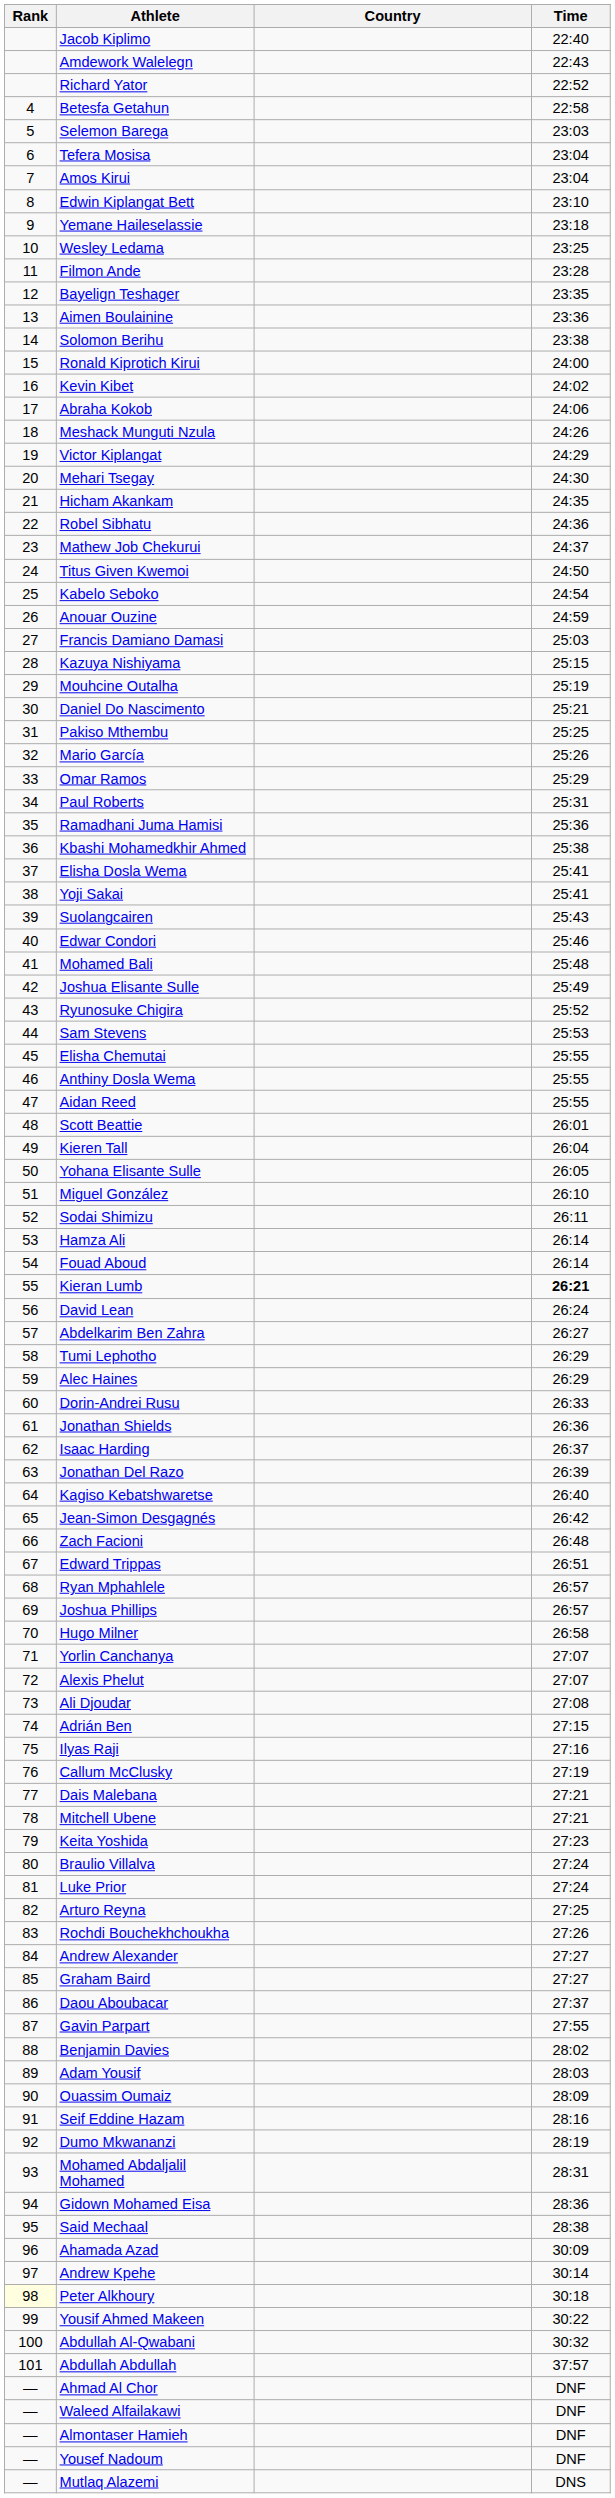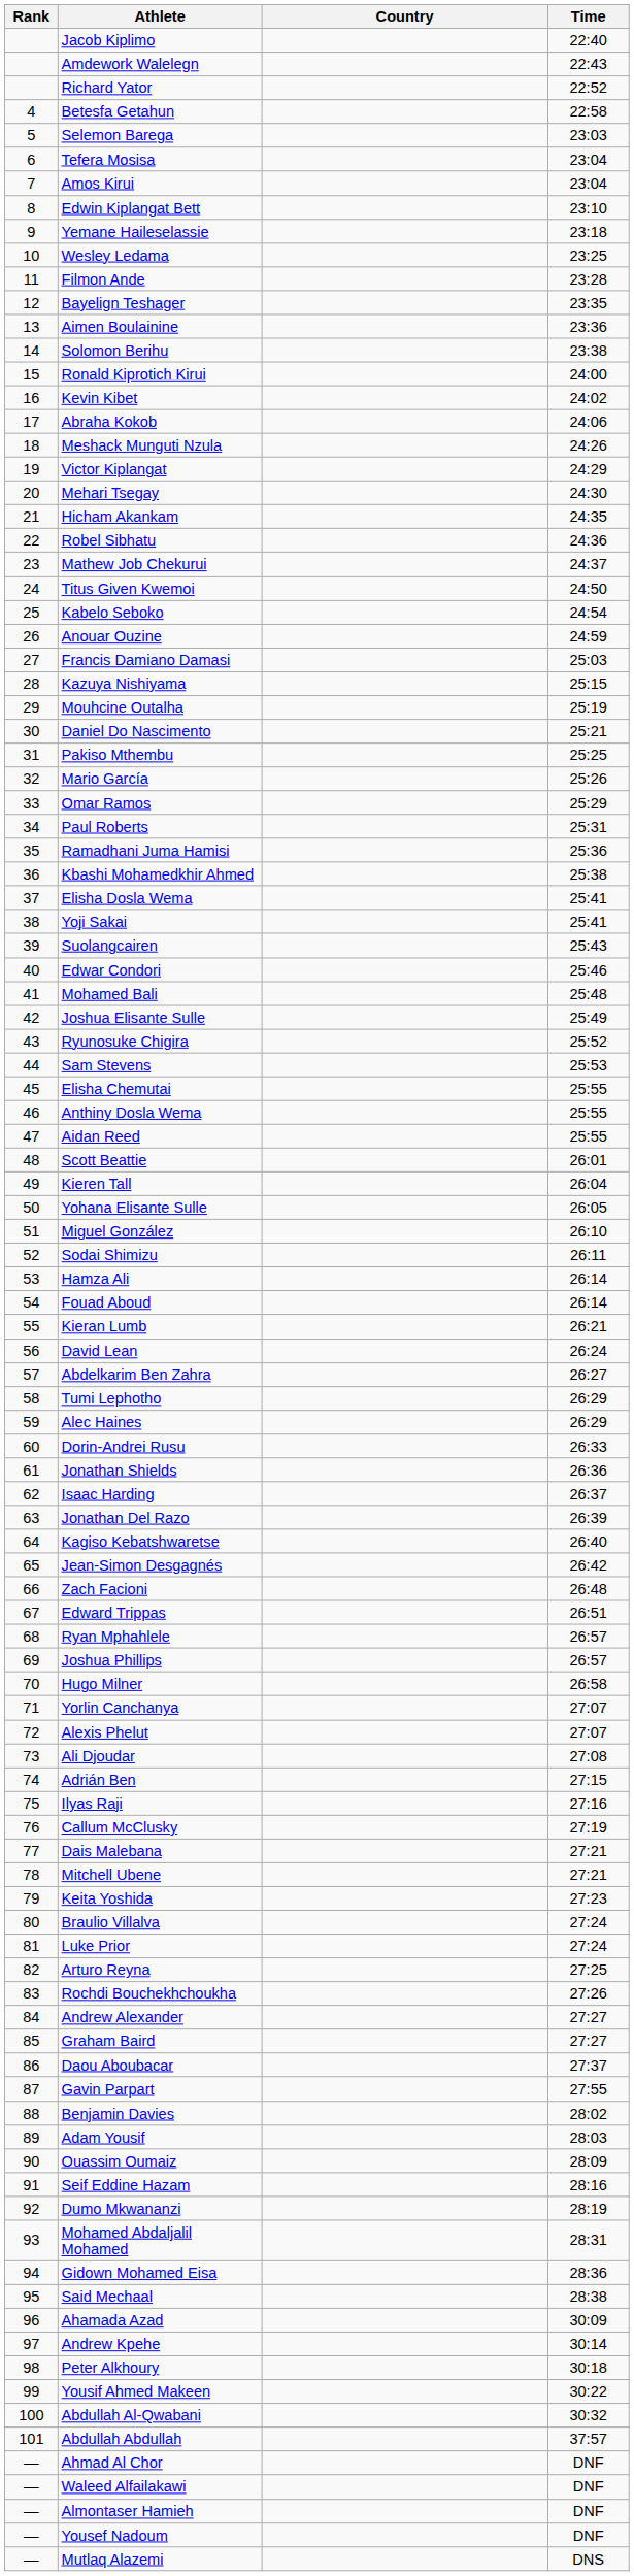 <table class="wikitable sortable" style=" text-align:center; font-size:95%;" width="50%">
 <tr>
 <th width=5%>Rank</th>
 <th width=25%>Athlete</th>
 <th width=35%>Country</th>
 <th width=10%>Time</th>
 </tr>
 <tr>
 <td align=center></td>
 <td align=left><a href='#'>Jacob Kiplimo</a></td>
 <td align=left></td>
 <td>22:40</td>
 </tr>
 <tr>
 <td align=center></td>
 <td align=left><a href='#'>Amdework Walelegn</a></td>
 <td align=left></td>
 <td>22:43</td>
 </tr>
 <tr>
 <td align=center></td>
 <td align=left><a href='#'>Richard Yator</a></td>
 <td align=left></td>
 <td>22:52</td>
 </tr>
 <tr>
 <td align=center>4</td>
 <td align=left><a href='#'>Betesfa Getahun</a></td>
 <td align=left></td>
 <td>22:58</td>
 </tr>
 <tr>
 <td align=center>5</td>
 <td align=left><a href='#'>Selemon Barega</a></td>
 <td align=left></td>
 <td>23:03</td>
 </tr>
 <tr>
 <td align=center>6</td>
 <td align=left><a href='#'>Tefera Mosisa</a></td>
 <td align=left></td>
 <td>23:04</td>
 </tr>
 <tr>
 <td align=center>7</td>
 <td align=left><a href='#'>Amos Kirui</a></td>
 <td align=left></td>
 <td>23:04</td>
 </tr>
 <tr>
 <td align=center>8</td>
 <td align=left><a href='#'>Edwin Kiplangat Bett</a></td>
 <td align=left></td>
 <td>23:10</td>
 </tr>
 <tr>
 <td align=center>9</td>
 <td align=left><a href='#'>Yemane Haileselassie</a></td>
 <td align=left></td>
 <td>23:18</td>
 </tr>
 <tr>
 <td align=center>10</td>
 <td align=left><a href='#'>Wesley Ledama</a></td>
 <td align=left></td>
 <td>23:25</td>
 </tr>
 <tr>
 <td align=center>11</td>
 <td align=left><a href='#'>Filmon Ande</a></td>
 <td align=left></td>
 <td>23:28</td>
 </tr>
 <tr>
 <td align=center>12</td>
 <td align=left><a href='#'>Bayelign Teshager</a></td>
 <td align=left></td>
 <td>23:35</td>
 </tr>
 <tr>
 <td align=center>13</td>
 <td align=left><a href='#'>Aimen Boulainine</a></td>
 <td align=left></td>
 <td>23:36</td>
 </tr>
 <tr>
 <td align=center>14</td>
 <td align=left><a href='#'>Solomon Berihu</a></td>
 <td align=left></td>
 <td>23:38</td>
 </tr>
 <tr>
 <td align=center>15</td>
 <td align=left><a href='#'>Ronald Kiprotich Kirui</a></td>
 <td align=left></td>
 <td>24:00</td>
 </tr>
 <tr>
 <td align=center>16</td>
 <td align=left><a href='#'>Kevin Kibet</a></td>
 <td align=left></td>
 <td>24:02</td>
 </tr>
 <tr>
 <td align=center>17</td>
 <td align=left><a href='#'>Abraha Kokob</a></td>
 <td align=left></td>
 <td>24:06</td>
 </tr>
 <tr>
 <td align=center>18</td>
 <td align=left><a href='#'>Meshack Munguti Nzula</a></td>
 <td align=left></td>
 <td>24:26</td>
 </tr>
 <tr>
 <td align=center>19</td>
 <td align=left><a href='#'>Victor Kiplangat</a></td>
 <td align=left></td>
 <td>24:29</td>
 </tr>
 <tr>
 <td align=center>20</td>
 <td align=left><a href='#'>Mehari Tsegay</a></td>
 <td align=left></td>
 <td>24:30</td>
 </tr>
 <tr>
 <td align=center>21</td>
 <td align=left><a href='#'>Hicham Akankam</a></td>
 <td align=left></td>
 <td>24:35</td>
 </tr>
 <tr>
 <td align=center>22</td>
 <td align=left><a href='#'>Robel Sibhatu</a></td>
 <td align=left></td>
 <td>24:36</td>
 </tr>
 <tr>
 <td align=center>23</td>
 <td align=left><a href='#'>Mathew Job Chekurui</a></td>
 <td align=left></td>
 <td>24:37</td>
 </tr>
 <tr>
 <td align=center>24</td>
 <td align=left><a href='#'>Titus Given Kwemoi</a></td>
 <td align=left></td>
 <td>24:50</td>
 </tr>
 <tr>
 <td align=center>25</td>
 <td align=left><a href='#'>Kabelo Seboko</a></td>
 <td align=left></td>
 <td>24:54</td>
 </tr>
 <tr>
 <td align=center>26</td>
 <td align=left><a href='#'>Anouar Ouzine</a></td>
 <td align=left></td>
 <td>24:59</td>
 </tr>
 <tr>
 <td align=center>27</td>
 <td align=left><a href='#'>Francis Damiano Damasi</a></td>
 <td align=left></td>
 <td>25:03</td>
 </tr>
 <tr>
 <td align=center>28</td>
 <td align=left><a href='#'>Kazuya Nishiyama</a></td>
 <td align=left></td>
 <td>25:15</td>
 </tr>
 <tr>
 <td align=center>29</td>
 <td align=left><a href='#'>Mouhcine Outalha</a></td>
 <td align=left></td>
 <td>25:19</td>
 </tr>
 <tr>
 <td align=center>30</td>
 <td align=left><a href='#'>Daniel Do Nascimento</a></td>
 <td align=left></td>
 <td>25:21</td>
 </tr>
 <tr>
 <td align=center>31</td>
 <td align=left><a href='#'>Pakiso Mthembu</a></td>
 <td align=left></td>
 <td>25:25</td>
 </tr>
 <tr>
 <td align=center>32</td>
 <td align=left><a href='#'>Mario García</a></td>
 <td align=left></td>
 <td>25:26</td>
 </tr>
 <tr>
 <td align=center>33</td>
 <td align=left><a href='#'>Omar Ramos</a></td>
 <td align=left></td>
 <td>25:29</td>
 </tr>
 <tr>
 <td align=center>34</td>
 <td align=left><a href='#'>Paul Roberts</a></td>
 <td align=left></td>
 <td>25:31</td>
 </tr>
 <tr>
 <td align=center>35</td>
 <td align=left><a href='#'>Ramadhani Juma Hamisi</a></td>
 <td align=left></td>
 <td>25:36</td>
 </tr>
 <tr>
 <td align=center>36</td>
 <td align=left><a href='#'>Kbashi Mohamedkhir Ahmed</a></td>
 <td align=left></td>
 <td>25:38</td>
 </tr>
 <tr>
 <td align=center>37</td>
 <td align=left><a href='#'>Elisha Dosla Wema</a></td>
 <td align=left></td>
 <td>25:41</td>
 </tr>
 <tr>
 <td align=center>38</td>
 <td align=left><a href='#'>Yoji Sakai</a></td>
 <td align=left></td>
 <td>25:41</td>
 </tr>
 <tr>
 <td align=center>39</td>
 <td align=left><a href='#'>Suolangcairen</a></td>
 <td align=left></td>
 <td>25:43</td>
 </tr>
 <tr>
 <td align=center>40</td>
 <td align=left><a href='#'>Edwar Condori</a></td>
 <td align=left></td>
 <td>25:46</td>
 </tr>
 <tr>
 <td align=center>41</td>
 <td align=left><a href='#'>Mohamed Bali</a></td>
 <td align=left></td>
 <td>25:48</td>
 </tr>
 <tr>
 <td align=center>42</td>
 <td align=left><a href='#'>Joshua Elisante Sulle</a></td>
 <td align=left></td>
 <td>25:49</td>
 </tr>
 <tr>
 <td align=center>43</td>
 <td align=left><a href='#'>Ryunosuke Chigira</a></td>
 <td align=left></td>
 <td>25:52</td>
 </tr>
 <tr>
 <td align=center>44</td>
 <td align=left><a href='#'>Sam Stevens</a></td>
 <td align=left></td>
 <td>25:53</td>
 </tr>
 <tr>
 <td align=center>45</td>
 <td align=left><a href='#'>Elisha Chemutai</a></td>
 <td align=left></td>
 <td>25:55</td>
 </tr>
 <tr>
 <td align=center>46</td>
 <td align=left><a href='#'>Anthiny Dosla Wema</a></td>
 <td align=left></td>
 <td>25:55</td>
 </tr>
 <tr>
 <td align=center>47</td>
 <td align=left><a href='#'>Aidan Reed</a></td>
 <td align=left></td>
 <td>25:55</td>
 </tr>
 <tr>
 <td align=center>48</td>
 <td align=left><a href='#'>Scott Beattie</a></td>
 <td align=left></td>
 <td>26:01</td>
 </tr>
 <tr>
 <td align=center>49</td>
 <td align=left><a href='#'>Kieren Tall</a></td>
 <td align=left></td>
 <td>26:04</td>
 </tr>
 <tr>
 <td align=center>50</td>
 <td align=left><a href='#'>Yohana Elisante Sulle</a></td>
 <td align=left></td>
 <td>26:05</td>
 </tr>
 <tr>
 <td align=center>51</td>
 <td align=left><a href='#'>Miguel González</a></td>
 <td align=left></td>
 <td>26:10</td>
 </tr>
 <tr>
 <td align=center>52</td>
 <td align=left><a href='#'>Sodai Shimizu</a></td>
 <td align=left></td>
 <td>26:11</td>
 </tr>
 <tr>
 <td align=center>53</td>
 <td align=left><a href='#'>Hamza Ali</a></td>
 <td align=left></td>
 <td>26:14</td>
 </tr>
 <tr>
 <td align=center>54</td>
 <td align=left><a href='#'>Fouad Aboud</a></td>
 <td align=left></td>
 <td>26:14</td>
 </tr>
 <tr>
 <td align=center>55</td>
 <td align=left><a href='#'>Kieran Lumb</a></td>
 <td align=left></td>
-<td><strong>26:21</strong></td>
+<td>26:21</td>
 </tr>
 <tr>
 <td align=center>56</td>
 <td align=left><a href='#'>David Lean</a></td>
 <td align=left></td>
 <td>26:24</td>
 </tr>
 <tr>
 <td align=center>57</td>
 <td align=left><a href='#'>Abdelkarim Ben Zahra</a></td>
 <td align=left></td>
 <td>26:27</td>
 </tr>
 <tr>
 <td align=center>58</td>
 <td align=left><a href='#'>Tumi Lephotho</a></td>
 <td align=left></td>
 <td>26:29</td>
 </tr>
 <tr>
 <td align=center>59</td>
 <td align=left><a href='#'>Alec Haines</a></td>
 <td align=left></td>
 <td>26:29</td>
 </tr>
 <tr>
 <td align=center>60</td>
 <td align=left><a href='#'>Dorin-Andrei Rusu</a></td>
 <td align=left></td>
 <td>26:33</td>
 </tr>
 <tr>
 <td align=center>61</td>
 <td align=left><a href='#'>Jonathan Shields</a></td>
 <td align=left></td>
 <td>26:36</td>
 </tr>
 <tr>
 <td align=center>62</td>
 <td align=left><a href='#'>Isaac Harding</a></td>
 <td align=left></td>
 <td>26:37</td>
 </tr>
 <tr>
 <td align=center>63</td>
 <td align=left><a href='#'>Jonathan Del Razo</a></td>
 <td align=left></td>
 <td>26:39</td>
 </tr>
 <tr>
 <td align=center>64</td>
 <td align=left><a href='#'>Kagiso Kebatshwaretse</a></td>
 <td align=left></td>
 <td>26:40</td>
 </tr>
 <tr>
 <td align=center>65</td>
 <td align=left><a href='#'>Jean-Simon Desgagnés</a></td>
 <td align=left></td>
 <td>26:42</td>
 </tr>
 <tr>
 <td align=center>66</td>
 <td align=left><a href='#'>Zach Facioni</a></td>
 <td align=left></td>
 <td>26:48</td>
 </tr>
 <tr>
 <td align=center>67</td>
 <td align=left><a href='#'>Edward Trippas</a></td>
 <td align=left></td>
 <td>26:51</td>
 </tr>
 <tr>
 <td align=center>68</td>
 <td align=left><a href='#'>Ryan Mphahlele</a></td>
 <td align=left></td>
 <td>26:57</td>
 </tr>
 <tr>
 <td align=center>69</td>
 <td align=left><a href='#'>Joshua Phillips</a></td>
 <td align=left></td>
 <td>26:57</td>
 </tr>
 <tr>
 <td align=center>70</td>
 <td align=left><a href='#'>Hugo Milner</a></td>
 <td align=left></td>
 <td>26:58</td>
 </tr>
 <tr>
 <td align=center>71</td>
 <td align=left><a href='#'>Yorlin Canchanya</a></td>
 <td align=left></td>
 <td>27:07</td>
 </tr>
 <tr>
 <td align=center>72</td>
 <td align=left><a href='#'>Alexis Phelut</a></td>
 <td align=left></td>
 <td>27:07</td>
 </tr>
 <tr>
 <td align=center>73</td>
 <td align=left><a href='#'>Ali Djoudar</a></td>
 <td align=left></td>
 <td>27:08</td>
 </tr>
 <tr>
 <td align=center>74</td>
 <td align=left><a href='#'>Adrián Ben</a></td>
 <td align=left></td>
 <td>27:15</td>
 </tr>
 <tr>
 <td align=center>75</td>
 <td align=left><a href='#'>Ilyas Raji</a></td>
 <td align=left></td>
 <td>27:16</td>
 </tr>
 <tr>
 <td align=center>76</td>
 <td align=left><a href='#'>Callum McClusky</a></td>
 <td align=left></td>
 <td>27:19</td>
 </tr>
 <tr>
 <td align=center>77</td>
 <td align=left><a href='#'>Dais Malebana</a></td>
 <td align=left></td>
 <td>27:21</td>
 </tr>
 <tr>
 <td align=center>78</td>
 <td align=left><a href='#'>Mitchell Ubene</a></td>
 <td align=left></td>
 <td>27:21</td>
 </tr>
 <tr>
 <td align=center>79</td>
 <td align=left><a href='#'>Keita Yoshida</a></td>
 <td align=left></td>
 <td>27:23</td>
 </tr>
 <tr>
 <td align=center>80</td>
 <td align=left><a href='#'>Braulio Villalva</a></td>
 <td align=left></td>
 <td>27:24</td>
 </tr>
 <tr>
 <td align=center>81</td>
 <td align=left><a href='#'>Luke Prior</a></td>
 <td align=left></td>
 <td>27:24</td>
 </tr>
 <tr>
 <td align=center>82</td>
 <td align=left><a href='#'>Arturo Reyna</a></td>
 <td align=left></td>
 <td>27:25</td>
 </tr>
 <tr>
 <td align=center>83</td>
 <td align=left><a href='#'>Rochdi Bouchekhchoukha</a></td>
 <td align=left></td>
 <td>27:26</td>
 </tr>
 <tr>
 <td align=center>84</td>
 <td align=left><a href='#'>Andrew Alexander</a></td>
 <td align=left></td>
 <td>27:27</td>
 </tr>
 <tr>
 <td align=center>85</td>
 <td align=left><a href='#'>Graham Baird</a></td>
 <td align=left></td>
 <td>27:27</td>
 </tr>
 <tr>
 <td align=center>86</td>
 <td align=left><a href='#'>Daou Aboubacar</a></td>
 <td align=left></td>
 <td>27:37</td>
 </tr>
 <tr>
 <td align=center>87</td>
 <td align=left><a href='#'>Gavin Parpart</a></td>
 <td align=left></td>
 <td>27:55</td>
 </tr>
 <tr>
 <td align=center>88</td>
 <td align=left><a href='#'>Benjamin Davies</a></td>
 <td align=left></td>
 <td>28:02</td>
 </tr>
 <tr>
 <td align=center>89</td>
 <td align=left><a href='#'>Adam Yousif</a></td>
 <td align=left></td>
 <td>28:03</td>
 </tr>
 <tr>
 <td align=center>90</td>
 <td align=left><a href='#'>Ouassim Oumaiz</a></td>
 <td align=left></td>
 <td>28:09</td>
 </tr>
 <tr>
 <td align=center>91</td>
 <td align=left><a href='#'>Seif Eddine Hazam</a></td>
 <td align=left></td>
 <td>28:16</td>
 </tr>
 <tr>
 <td align=center>92</td>
 <td align=left><a href='#'>Dumo Mkwananzi</a></td>
 <td align=left></td>
 <td>28:19</td>
 </tr>
 <tr>
 <td align=center>93</td>
 <td align=left><a href='#'>Mohamed Abdaljalil Mohamed</a></td>
 <td align=left></td>
 <td>28:31</td>
 </tr>
 <tr>
 <td align=center>94</td>
 <td align=left><a href='#'>Gidown Mohamed Eisa</a></td>
 <td align=left></td>
 <td>28:36</td>
 </tr>
 <tr>
 <td align=center>95</td>
 <td align=left><a href='#'>Said Mechaal</a></td>
 <td align=left></td>
 <td>28:38</td>
 </tr>
 <tr>
 <td align=center>96</td>
 <td align=left><a href='#'>Ahamada Azad</a></td>
 <td align=left></td>
 <td>30:09</td>
 </tr>
 <tr>
 <td align=center>97</td>
 <td align=left><a href='#'>Andrew Kpehe</a></td>
 <td align=left></td>
 <td>30:14</td>
 </tr>
 <tr>
-<td align=center style="background: lightyellow;">98</td>
+<td align=center>98</td>
 <td align=left><a href='#'>Peter Alkhoury</a></td>
 <td align=left></td>
 <td>30:18</td>
 </tr>
 <tr>
 <td align=center>99</td>
 <td align=left><a href='#'>Yousif Ahmed Makeen</a></td>
 <td align=left></td>
 <td>30:22</td>
 </tr>
 <tr>
 <td align=center>100</td>
 <td align=left><a href='#'>Abdullah Al-Qwabani</a></td>
 <td align=left></td>
 <td>30:32</td>
 </tr>
 <tr>
 <td align=center>101</td>
 <td align=left><a href='#'>Abdullah Abdullah</a></td>
 <td align=left></td>
 <td>37:57</td>
 </tr>
 <tr>
 <td align=center>—</td>
 <td align=left><a href='#'>Ahmad Al Chor</a></td>
 <td align=left></td>
 <td>DNF</td>
 </tr>
 <tr>
 <td align=center>—</td>
 <td align=left><a href='#'>Waleed Alfailakawi</a></td>
 <td align=left></td>
 <td>DNF</td>
 </tr>
 <tr>
 <td align=center>—</td>
 <td align=left><a href='#'>Almontaser Hamieh</a></td>
 <td align=left></td>
 <td>DNF</td>
 </tr>
 <tr>
 <td align=center>—</td>
 <td align=left><a href='#'>Yousef Nadoum</a></td>
 <td align=left></td>
 <td>DNF</td>
 </tr>
 <tr>
 <td align=center>—</td>
 <td align=left><a href='#'>Mutlaq Alazemi</a></td>
 <td align=left></td>
 <td>DNS</td>
 </tr>
 </table>
